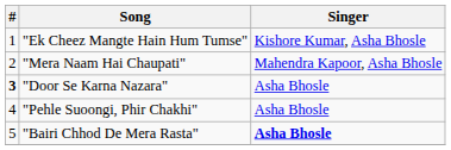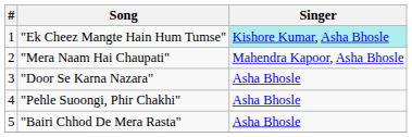 <table class="wikitable">
 <tr>
 <th>#</th>
 <th>Song</th>
 <th>Singer</th>
 </tr>
 <tr>
 <td>1</td>
 <td>"Ek Cheez Mangte Hain Hum Tumse"</td>
-<td><a href='#'>Kishore Kumar</a>, <a href='#'>Asha Bhosle</a></td>
+<td style="background: paleturquoise;"><a href='#'>Kishore Kumar</a>, <a href='#'>Asha Bhosle</a></td>
 </tr>
 <tr>
 <td>2</td>
 <td>"Mera Naam Hai Chaupati"</td>
 <td><a href='#'>Mahendra Kapoor</a>, <a href='#'>Asha Bhosle</a></td>
 </tr>
 <tr>
-<td><strong>3</strong></td>
+<td>3</td>
 <td>"Door Se Karna Nazara"</td>
 <td><a href='#'>Asha Bhosle</a></td>
 </tr>
 <tr>
 <td>4</td>
 <td>"Pehle Suoongi, Phir Chakhi"</td>
 <td><a href='#'>Asha Bhosle</a></td>
 </tr>
 <tr>
 <td>5</td>
 <td>"Bairi Chhod De Mera Rasta"</td>
-<td><strong><a href='#'>Asha Bhosle</a></strong></td>
+<td><a href='#'>Asha Bhosle</a></td>
 </tr>
 <tr>
 </tr>
 </table>
